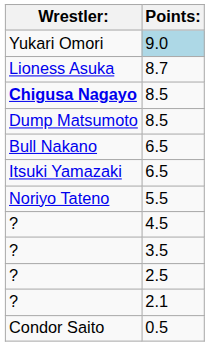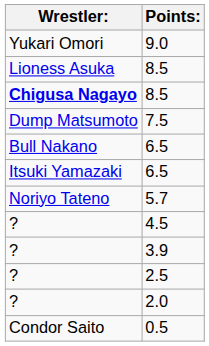 <table class="wikitable" style="margin: 1em auto 1em auto">
 <tr>
 <th>Wrestler:</th>
 <th>Points:</th>
 </tr>
 <tr>
 <td>Yukari Omori</td>
-<td style="background: lightblue;">9.0</td>
+<td>9.0</td>
 </tr>
 <tr>
 <td><a href='#'>Lioness Asuka</a></td>
-<td>8.7</td>
+<td>8.5</td>
 </tr>
 <tr>
 <td><strong><a href='#'>Chigusa Nagayo</a></strong></td>
 <td>8.5</td>
 </tr>
 <tr>
 <td><a href='#'>Dump Matsumoto</a></td>
-<td>8.5</td>
+<td>7.5</td>
 </tr>
 <tr>
 <td><a href='#'>Bull Nakano</a></td>
 <td>6.5</td>
 </tr>
 <tr>
 <td><a href='#'>Itsuki Yamazaki</a></td>
 <td>6.5</td>
 </tr>
 <tr>
 <td><a href='#'>Noriyo Tateno</a></td>
-<td>5.5</td>
+<td>5.7</td>
 </tr>
 <tr>
 <td>?</td>
 <td>4.5</td>
 </tr>
 <tr>
 <td>?</td>
-<td>3.5</td>
+<td>3.9</td>
 </tr>
 <tr>
 <td>?</td>
 <td>2.5</td>
 </tr>
 <tr>
 <td>?</td>
-<td>2.1</td>
+<td>2.0</td>
 </tr>
 <tr>
 <td>Condor Saito</td>
 <td>0.5</td>
 </tr>
 </table>
